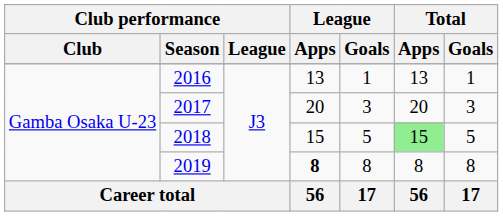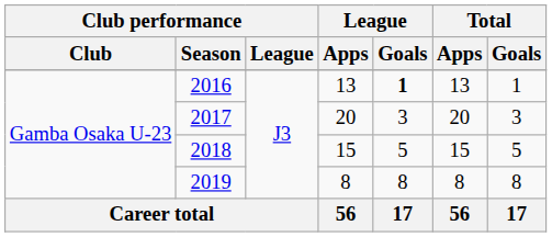 <table class="wikitable" style="text-align:center">
 <tr>
 <th colspan="3">Club performance</th>
 <th colspan=2>League</th>
 <th colspan=2>Total</th>
 </tr>
 <tr>
 <th>Club</th>
 <th>Season</th>
 <th>League</th>
 <th>Apps</th>
 <th>Goals</th>
 <th>Apps</th>
 <th>Goals</th>
 </tr>
 <tr>
 </tr>
 <tr>
 <td rowspan="4"><a href='#'>Gamba Osaka U-23</a></td>
 <td><a href='#'>2016</a></td>
 <td rowspan="4"><a href='#'>J3</a></td>
 <td>13</td>
-<td>1</td>
+<td><strong>1</strong></td>
 <td>13</td>
 <td>1</td>
 </tr>
 <tr>
 <td><a href='#'>2017</a></td>
 <td>20</td>
 <td>3</td>
 <td>20</td>
 <td>3</td>
 </tr>
 <tr>
 <td><a href='#'>2018</a></td>
 <td>15</td>
 <td>5</td>
-<td style="background: lightgreen;">15</td>
+<td>15</td>
 <td>5</td>
 </tr>
 <tr>
 <td><a href='#'>2019</a></td>
-<td><strong>8</strong></td>
+<td>8</td>
 <td>8</td>
 <td>8</td>
 <td>8</td>
 </tr>
 <tr>
 <th colspan="3">Career total</th>
 <th>56</th>
 <th>17</th>
 <th>56</th>
 <th>17</th>
 </tr>
 </table>
